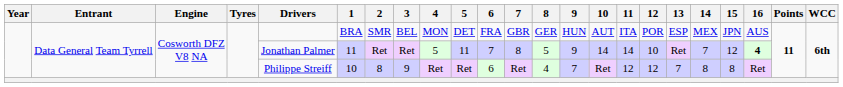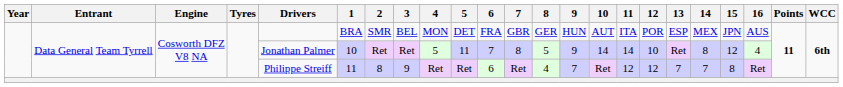 <table class="wikitable" style="text-align:center; font-size:95%">
 <tr>
 <th>Year</th>
 <th>Entrant</th>
 <th>Engine</th>
 <th>Tyres</th>
 <th>Drivers</th>
 <th>1</th>
 <th>2</th>
 <th>3</th>
 <th>4</th>
 <th>5</th>
 <th>6</th>
 <th>7</th>
 <th>8</th>
 <th>9</th>
 <th>10</th>
 <th>11</th>
 <th>12</th>
 <th>13</th>
 <th>14</th>
 <th>15</th>
 <th>16</th>
 <th>Points</th>
 <th>WCC</th>
 </tr>
 <tr>
 <td rowspan="3"></td>
 <td rowspan="3"><a href='#'>Data General</a> <a href='#'>Team Tyrrell</a></td>
 <td rowspan="3"><a href='#'>Cosworth DFZ</a><br><a href='#'>V8</a> <a href='#'>NA</a></td>
 <td rowspan="3"></td>
 <td></td>
 <td><a href='#'>BRA</a></td>
 <td><a href='#'>SMR</a></td>
 <td><a href='#'>BEL</a></td>
 <td><a href='#'>MON</a></td>
 <td><a href='#'>DET</a></td>
 <td><a href='#'>FRA</a></td>
 <td><a href='#'>GBR</a></td>
 <td><a href='#'>GER</a></td>
 <td><a href='#'>HUN</a></td>
 <td><a href='#'>AUT</a></td>
 <td><a href='#'>ITA</a></td>
 <td><a href='#'>POR</a></td>
 <td><a href='#'>ESP</a></td>
 <td><a href='#'>MEX</a></td>
 <td><a href='#'>JPN</a></td>
 <td><a href='#'>AUS</a></td>
 <td rowspan="3"><strong>11</strong></td>
 <td rowspan="3"><strong>6th</strong></td>
 </tr>
 <tr>
 <td> <a href='#'>Jonathan Palmer</a></td>
-<td style="background:#cfcfff;">11</td>
+<td style="background:#cfcfff;">10</td>
 <td style="background:#efcfff;">Ret</td>
 <td style="background:#efcfff;">Ret</td>
 <td style="background:#dfffdf;">5</td>
 <td style="background:#cfcfff;">11</td>
 <td style="background:#cfcfff;">7</td>
 <td style="background:#cfcfff;">8</td>
 <td style="background:#dfffdf;">5</td>
 <td style="background:#cfcfff;">9</td>
 <td style="background:#cfcfff;">14</td>
 <td style="background:#cfcfff;">14</td>
 <td style="background:#cfcfff;">10</td>
 <td style="background:#efcfff;">Ret</td>
-<td style="background:#cfcfff;">7</td>
+<td style="background:#cfcfff;">8</td>
 <td style="background:#cfcfff;">12</td>
-<td style="background:#dfffdf;"><strong>4</strong></td>
+<td style="background:#dfffdf;">4</td>
 </tr>
 <tr>
 <td> <a href='#'>Philippe Streiff</a></td>
-<td style="background:#cfcfff;">10</td>
+<td style="background:#cfcfff;">11</td>
 <td style="background:#cfcfff;">8</td>
 <td style="background:#cfcfff;">9</td>
 <td style="background:#efcfff;">Ret</td>
 <td style="background:#efcfff;">Ret</td>
 <td style="background:#dfffdf;">6</td>
 <td style="background:#efcfff;">Ret</td>
 <td style="background:#dfffdf;">4</td>
 <td style="background:#cfcfff;">7</td>
 <td style="background:#efcfff;">Ret</td>
 <td style="background:#cfcfff;">12</td>
 <td style="background:#cfcfff;">12</td>
 <td style="background:#cfcfff;">7</td>
-<td style="background:#cfcfff;">8</td>
+<td style="background:#cfcfff;">7</td>
 <td style="background:#cfcfff;">8</td>
 <td style="background:#efcfff;">Ret</td>
 </tr>
 <tr>
 <th colspan="23"></th>
 </tr>
 </table>
